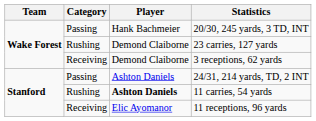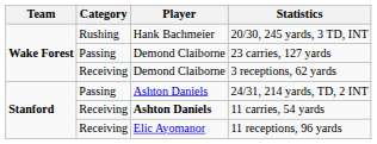 <table class="wikitable" style="float: right;">
 <tr>
 <th>Team</th>
 <th>Category</th>
 <th>Player</th>
 <th>Statistics</th>
 </tr>
 <tr>
 <td rowspan=3><strong>Wake Forest</strong></td>
-<td>Passing</td>
+<td>Rushing</td>
 <td>Hank Bachmeier</td>
 <td>20/30, 245 yards, 3 TD, INT</td>
 </tr>
 <tr>
-<td>Rushing</td>
+<td>Passing</td>
 <td>Demond Claiborne</td>
 <td>23 carries, 127 yards</td>
 </tr>
 <tr>
 <td>Receiving</td>
 <td>Demond Claiborne</td>
 <td>3 receptions, 62 yards</td>
 </tr>
 <tr>
 <td rowspan=3><strong>Stanford</strong></td>
 <td>Passing</td>
 <td><a href='#'>Ashton Daniels</a></td>
 <td>24/31, 214 yards, TD, 2 INT</td>
 </tr>
 <tr>
-<td>Rushing</td>
+<td>Receiving</td>
 <td><strong>Ashton Daniels</strong></td>
 <td>11 carries, 54 yards</td>
 </tr>
 <tr>
 <td>Receiving</td>
 <td><a href='#'>Elic Ayomanor</a></td>
 <td>11 receptions, 96 yards</td>
 </tr>
 </table>
